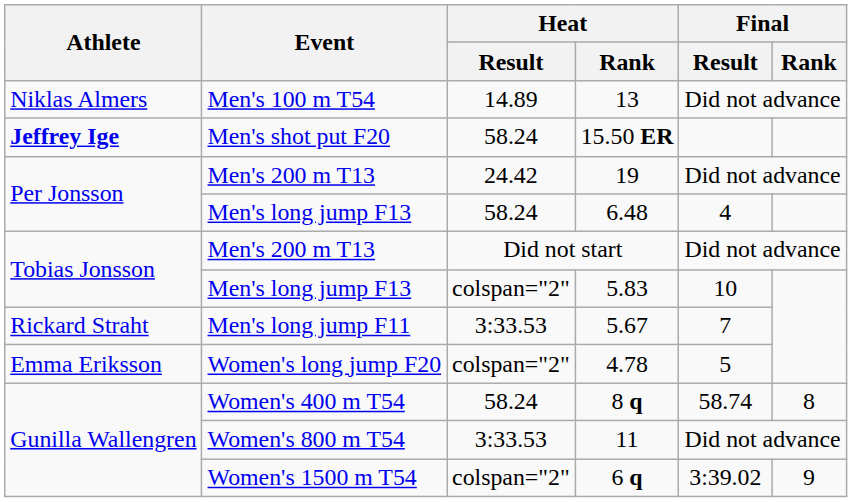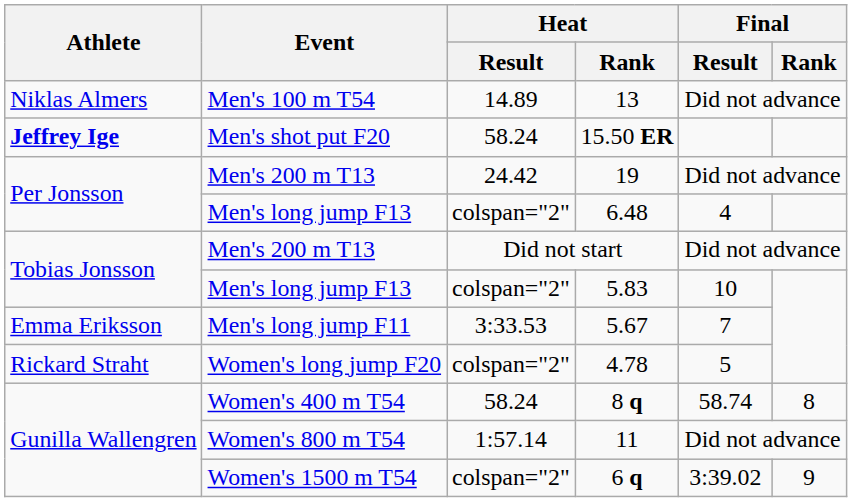 <table class=wikitable>
 <tr>
 <th rowspan="2">Athlete</th>
 <th rowspan="2">Event</th>
 <th colspan="2">Heat</th>
 <th colspan="2">Final</th>
 </tr>
 <tr>
 <th>Result</th>
 <th>Rank</th>
 <th>Result</th>
 <th>Rank</th>
 </tr>
 <tr>
 <td><a href='#'>Niklas Almers</a></td>
 <td><a href='#'>Men's 100 m T54</a></td>
 <td align=center>14.89</td>
 <td align=center>13</td>
 <td align=center colspan=2>Did not advance</td>
 </tr>
 <tr>
 <td><strong><a href='#'>Jeffrey Ige</a></strong></td>
 <td><a href='#'>Men's shot put F20</a></td>
 <td align=center>58.24</td>
 <td align=center>15.50 <strong>ER</strong></td>
 <td align=center></td>
 </tr>
 <tr>
 <td rowspan=2><a href='#'>Per Jonsson</a></td>
 <td><a href='#'>Men's 200 m T13</a></td>
 <td align=center>24.42</td>
 <td align=center>19</td>
 <td colspan=2 align=center>Did not advance</td>
 </tr>
 <tr>
 <td><a href='#'>Men's long jump F13</a></td>
-<td align=center>58.24</td>
+<td>colspan="2" </td>
 <td align=center>6.48</td>
 <td align=center>4</td>
 </tr>
 <tr>
 <td rowspan=2><a href='#'>Tobias Jonsson</a></td>
 <td><a href='#'>Men's 200 m T13</a></td>
 <td colspan=2 align=center>Did not start</td>
 <td colspan=2 align=center>Did not advance</td>
 </tr>
 <tr>
 <td><a href='#'>Men's long jump F13</a></td>
 <td>colspan="2" </td>
 <td align=center>5.83</td>
 <td align=center>10</td>
 </tr>
 <tr>
-<td><a href='#'>Rickard Straht</a></td>
+<td><a href='#'>Emma Eriksson</a></td>
 <td><a href='#'>Men's long jump F11</a></td>
 <td align=center>3:33.53</td>
 <td align=center>5.67</td>
 <td align=center>7</td>
 </tr>
 <tr>
-<td><a href='#'>Emma Eriksson</a></td>
+<td><a href='#'>Rickard Straht</a></td>
 <td><a href='#'>Women's long jump F20</a></td>
 <td>colspan="2" </td>
 <td align=center>4.78</td>
 <td align=center>5</td>
 </tr>
 <tr>
 <td rowspan=3><a href='#'>Gunilla Wallengren</a></td>
 <td><a href='#'>Women's 400 m T54</a></td>
 <td align=center>58.24</td>
 <td align=center>8 <strong>q</strong></td>
 <td align=center>58.74</td>
 <td align=center>8</td>
 </tr>
 <tr>
 <td><a href='#'>Women's 800 m T54</a></td>
-<td align=center>3:33.53</td>
+<td align=center>1:57.14</td>
 <td align=center>11</td>
 <td align=center colspan=2>Did not advance</td>
 </tr>
 <tr>
 <td><a href='#'>Women's 1500 m T54</a></td>
 <td>colspan="2" </td>
 <td align=center>6 <strong>q</strong></td>
 <td align=center>3:39.02</td>
 <td align=center>9</td>
 </tr>
 </table>
